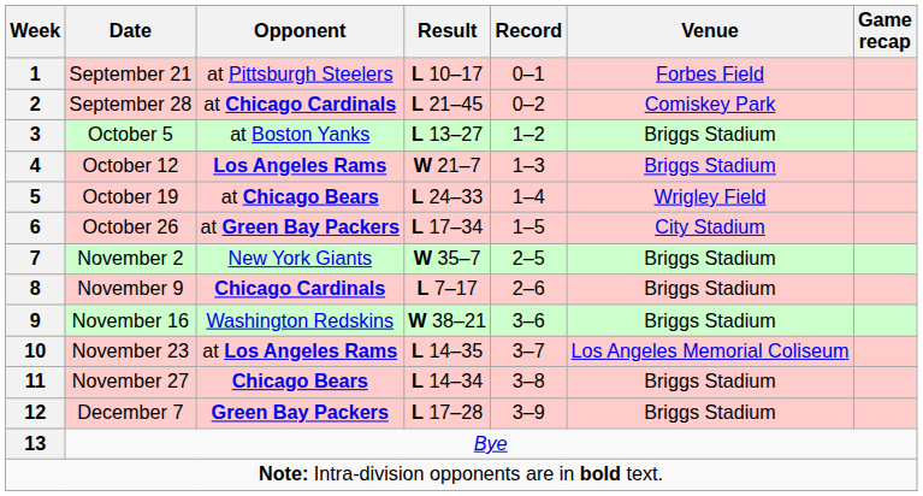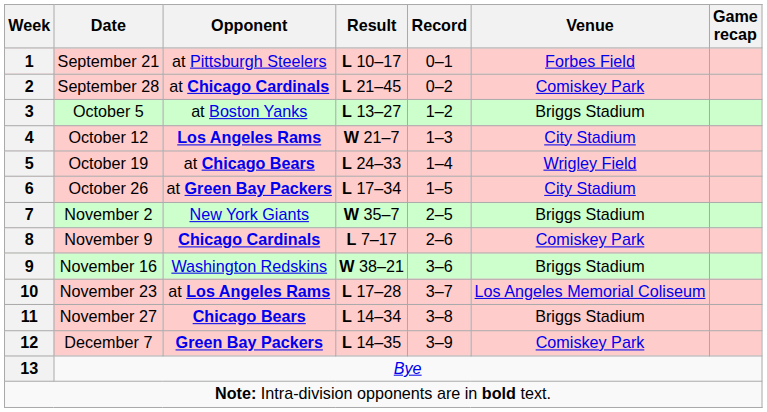 <table class="wikitable" style="text-align:center">
 <tr>
 <th>Week</th>
 <th>Date</th>
 <th>Opponent</th>
 <th>Result</th>
 <th>Record</th>
 <th>Venue</th>
 <th>Game<br>recap</th>
 </tr>
 <tr style="background:#fcc">
 <th>1</th>
 <td>September 21</td>
 <td>at <a href='#'>Pittsburgh Steelers</a></td>
 <td><strong>L</strong> 10–17</td>
 <td>0–1</td>
 <td><a href='#'>Forbes Field</a></td>
 <td></td>
 </tr>
 <tr style="background:#fcc">
 <th>2</th>
 <td>September 28</td>
 <td>at <strong><a href='#'>Chicago Cardinals</a></strong></td>
 <td><strong>L</strong> 21–45</td>
 <td>0–2</td>
 <td><a href='#'>Comiskey Park</a></td>
 <td></td>
 </tr>
 <tr style="background:#cfc">
 <th>3</th>
 <td>October 5</td>
 <td>at <a href='#'>Boston Yanks</a></td>
 <td><strong>L</strong> 13–27</td>
 <td>1–2</td>
 <td>Briggs Stadium</td>
 <td></td>
 </tr>
 <tr style="background:#fcc">
 <th>4</th>
 <td>October 12</td>
 <td><strong><a href='#'>Los Angeles Rams</a></strong></td>
 <td><strong>W</strong> 21–7</td>
 <td>1–3</td>
-<td><a href='#'>Briggs Stadium</a></td>
+<td><a href='#'>City Stadium</a></td>
 <td></td>
 </tr>
 <tr style="background:#fcc">
 <th>5</th>
 <td>October 19</td>
 <td>at <strong><a href='#'>Chicago Bears</a></strong></td>
 <td><strong>L</strong> 24–33</td>
 <td>1–4</td>
 <td><a href='#'>Wrigley Field</a></td>
 <td></td>
 </tr>
 <tr style="background:#fcc">
 <th>6</th>
 <td>October 26</td>
 <td>at <strong><a href='#'>Green Bay Packers</a></strong></td>
 <td><strong>L</strong> 17–34</td>
 <td>1–5</td>
 <td><a href='#'>City Stadium</a></td>
 <td></td>
 </tr>
 <tr style="background:#cfc">
 <th>7</th>
 <td>November 2</td>
 <td><a href='#'>New York Giants</a></td>
 <td><strong>W</strong> 35–7</td>
 <td>2–5</td>
 <td>Briggs Stadium</td>
 <td></td>
 </tr>
 <tr style="background:#fcc">
 <th>8</th>
 <td>November 9</td>
 <td><strong><a href='#'>Chicago Cardinals</a></strong></td>
 <td><strong>L</strong> 7–17</td>
 <td>2–6</td>
-<td>Briggs Stadium</td>
+<td><a href='#'>Comiskey Park</a></td>
 <td></td>
 </tr>
 <tr style="background:#cfc">
 <th>9</th>
 <td>November 16</td>
 <td><a href='#'>Washington Redskins</a></td>
 <td><strong>W</strong> 38–21</td>
 <td>3–6</td>
 <td>Briggs Stadium</td>
 <td></td>
 </tr>
 <tr style="background:#fcc">
 <th>10</th>
 <td>November 23</td>
 <td>at <strong><a href='#'>Los Angeles Rams</a></strong></td>
-<td><strong>L</strong> 14–35</td>
+<td><strong>L</strong> 17–28</td>
 <td>3–7</td>
 <td><a href='#'>Los Angeles Memorial Coliseum</a></td>
 <td></td>
 </tr>
 <tr style="background:#fcc">
 <th>11</th>
 <td>November 27</td>
 <td><strong><a href='#'>Chicago Bears</a></strong></td>
 <td><strong>L</strong> 14–34</td>
 <td>3–8</td>
 <td>Briggs Stadium</td>
 <td></td>
 </tr>
 <tr style="background:#fcc">
 <th>12</th>
 <td>December 7</td>
 <td><strong><a href='#'>Green Bay Packers</a></strong></td>
-<td><strong>L</strong> 17–28</td>
+<td><strong>L</strong> 14–35</td>
 <td>3–9</td>
-<td>Briggs Stadium</td>
+<td><a href='#'>Comiskey Park</a></td>
 <td></td>
 </tr>
 <tr>
 <th>13</th>
 <td colspan="6"><em><a href='#'>Bye</a></em></td>
 </tr>
 <tr>
 <td colspan="8"><strong>Note:</strong> Intra-division opponents are in <strong>bold</strong> text.</td>
 </tr>
 </table>
